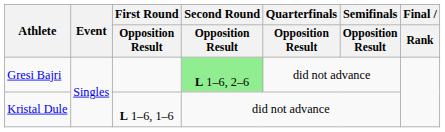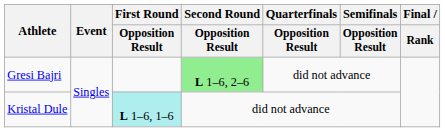 <table class=wikitable style="font-size:90%; text-align:center">
 <tr>
 <th rowspan=2>Athlete</th>
 <th rowspan=2>Event</th>
 <th>First Round</th>
 <th>Second Round</th>
 <th>Quarterfinals</th>
 <th>Semifinals</th>
 <th colspan=2>Final / </th>
 </tr>
 <tr style=font-size:95%>
 <th>Opposition<br>Result</th>
 <th>Opposition<br>Result</th>
 <th>Opposition<br>Result</th>
 <th>Opposition<br>Result</th>
 <th>Rank</th>
 </tr>
 <tr align=center>
 <td align=left><a href='#'>Gresi Bajri</a></td>
 <td rowspan=2 align=left><a href='#'>Singles</a></td>
 <td></td>
 <td style="background: lightgreen;"><br><strong>L</strong> 1–6, 2–6</td>
 <td colspan=2>did not advance</td>
 </tr>
 <tr align=center>
 <td align=left><a href='#'>Kristal Dule</a></td>
-<td><br><strong>L</strong> 1–6, 1–6</td>
+<td style="background: paleturquoise;"><br><strong>L</strong> 1–6, 1–6</td>
 <td colspan=3>did not advance</td>
 </tr>
 </table>
